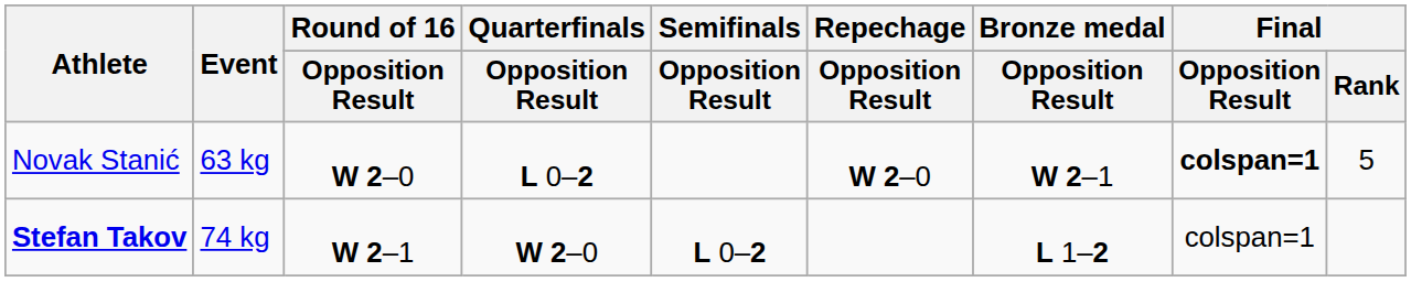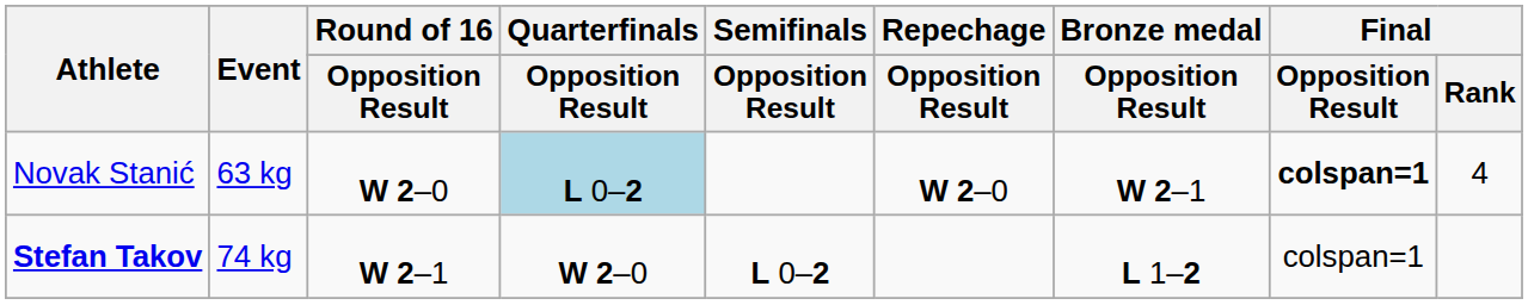 <table class="wikitable" style="font-size:90%">
 <tr>
 <th rowspan="2">Athlete</th>
 <th rowspan="2">Event</th>
 <th>Round of 16</th>
 <th>Quarterfinals</th>
 <th>Semifinals</th>
 <th>Repechage</th>
 <th>Bronze medal</th>
 <th colspan=2>Final</th>
 </tr>
 <tr style="font-size:95%">
 <th>Opposition<br>Result</th>
 <th>Opposition<br>Result</th>
 <th>Opposition<br>Result</th>
 <th>Opposition<br>Result</th>
 <th>Opposition<br>Result</th>
 <th>Opposition<br>Result</th>
 <th>Rank</th>
 </tr>
 <tr align=center>
 <td align=left><a href='#'>Novak Stanić</a></td>
 <td align=left><a href='#'>63 kg</a></td>
 <td><br> <strong>W</strong> <strong>2</strong>–0</td>
-<td><br> <strong>L</strong> 0–<strong>2</strong></td>
+<td style="background: lightblue;"><br> <strong>L</strong> 0–<strong>2</strong></td>
 <td></td>
 <td><br> <strong>W</strong> <strong>2</strong>–0</td>
 <td><br> <strong>W</strong> <strong>2</strong>–1</td>
 <td><strong>colspan=1 </strong></td>
-<td>5</td>
+<td>4</td>
 </tr>
 <tr align=center>
 <td align=left><strong><a href='#'>Stefan Takov</a></strong></td>
 <td align=left><a href='#'>74 kg</a></td>
 <td><br> <strong>W</strong> <strong>2</strong>–1</td>
 <td><br> <strong>W</strong> <strong>2</strong>–0</td>
 <td><br> <strong>L</strong> 0–<strong>2</strong></td>
 <td></td>
 <td><br> <strong>L</strong> 1–<strong>2</strong></td>
 <td>colspan=1 </td>
 <td></td>
 </tr>
 </table>
